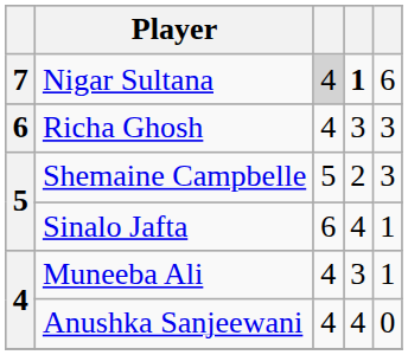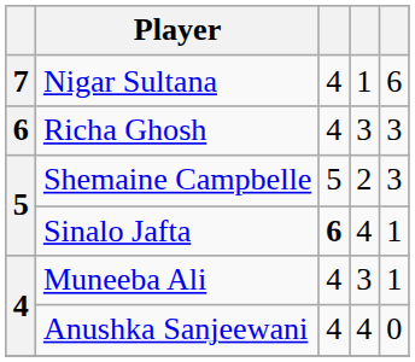 <table class="wikitable sortable" style="text-align:left;">
 <tr>
 <th scope=col></th>
 <th scope=col>Player</th>
 <th scope=col></th>
 <th scope=col><a href='#'></a></th>
 <th scope=col><a href='#'></a></th>
 </tr>
 <tr>
 <th>7</th>
 <td> <a href='#'>Nigar Sultana</a></td>
-<td style="background: lightgrey;">4</td>
-<td><strong>1</strong></td>
+<td>4</td>
+<td>1</td>
 <td>6</td>
 </tr>
 <tr>
 <th>6</th>
 <td> <a href='#'>Richa Ghosh</a></td>
 <td>4</td>
 <td>3</td>
 <td>3</td>
 </tr>
 <tr>
 <th rowspan=2>5</th>
 <td> <a href='#'>Shemaine Campbelle</a></td>
 <td>5</td>
 <td>2</td>
 <td>3</td>
 </tr>
 <tr>
 <td> <a href='#'>Sinalo Jafta</a></td>
-<td>6</td>
+<td><strong>6</strong></td>
 <td>4</td>
 <td>1</td>
 </tr>
 <tr>
 <th rowspan=2>4</th>
 <td> <a href='#'>Muneeba Ali</a></td>
 <td>4</td>
 <td>3</td>
 <td>1</td>
 </tr>
 <tr>
 <td> <a href='#'>Anushka Sanjeewani</a></td>
 <td>4</td>
 <td>4</td>
 <td>0</td>
 </tr>
 <tr>
 </tr>
 </table>
